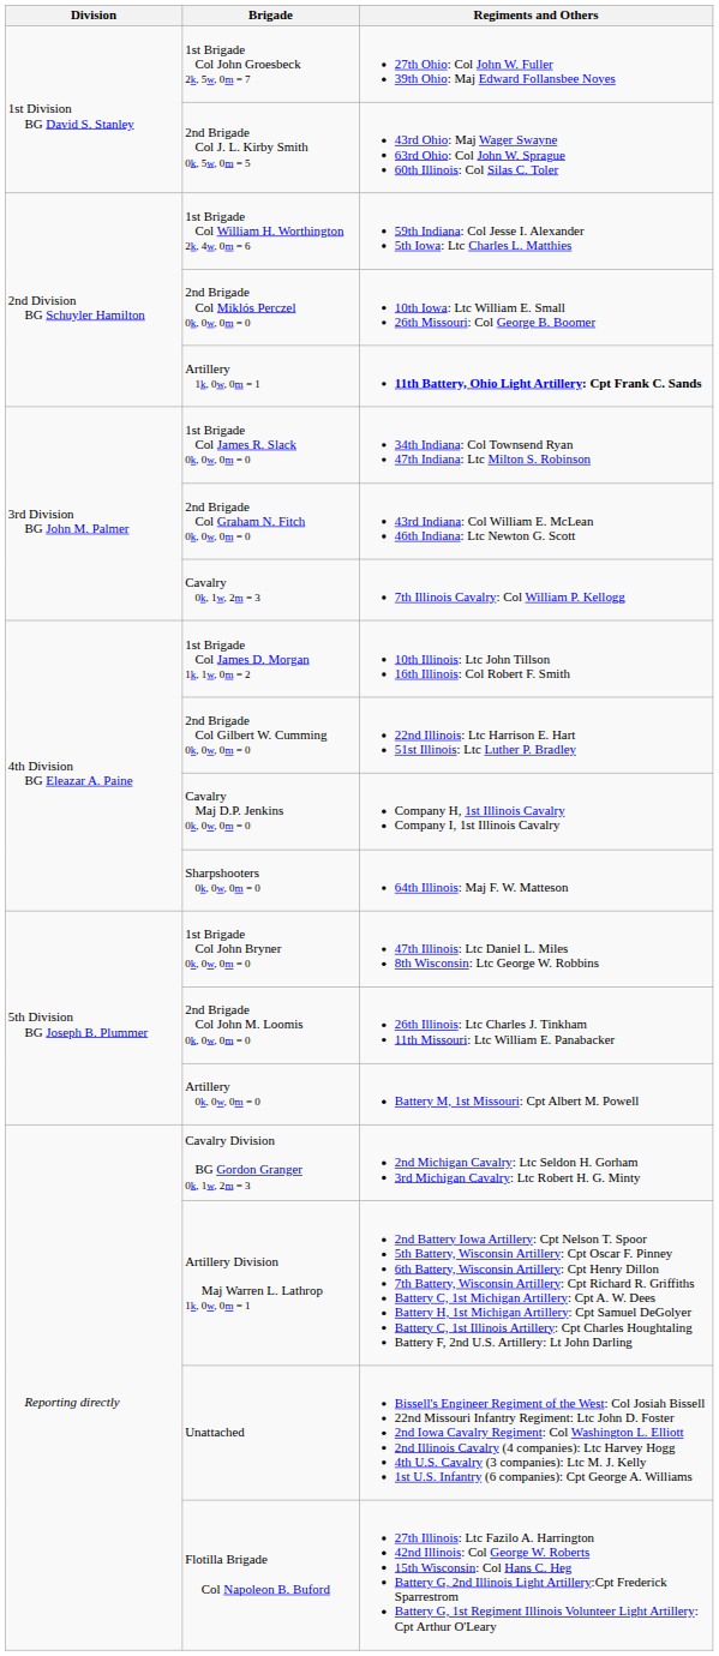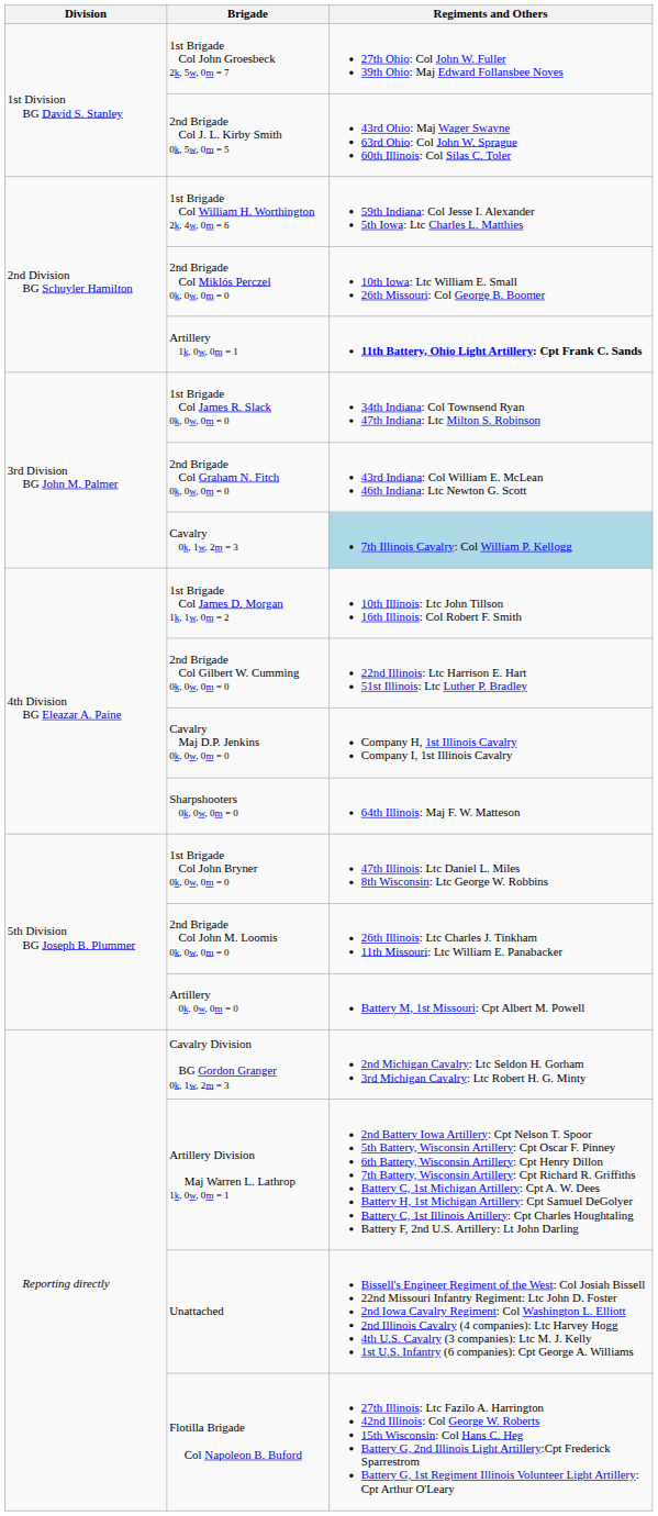 <table class="wikitable">
 <tr>
 <th width=25%>Division</th>
 <th width=25%>Brigade</th>
 <th>Regiments and Others</th>
 </tr>
 <tr>
 <td rowspan=2><br>1st Division <br>     BG <a href='#'>David S. Stanley</a></td>
 <td>1st Brigade<br>   Col John Groesbeck<br><small>2<a href='#'>k</a>, 5<a href='#'>w</a>, 0<a href='#'>m</a> = 7</small></td>
 <td><br><ul><li><a href='#'>27th Ohio</a>: Col <a href='#'>John W. Fuller</a></li><li><a href='#'>39th Ohio</a>: Maj <a href='#'>Edward Follansbee Noyes</a></li></ul></td>
 </tr>
 <tr>
 <td>2nd Brigade<br>   Col J. L. Kirby Smith<br><small>0<a href='#'>k</a>, 5<a href='#'>w</a>, 0<a href='#'>m</a> = 5</small></td>
 <td><br><ul><li><a href='#'>43rd Ohio</a>: Maj <a href='#'>Wager Swayne</a></li><li><a href='#'>63rd Ohio</a>: Col <a href='#'>John W. Sprague</a></li><li><a href='#'>60th Illinois</a>: Col <a href='#'>Silas C. Toler</a></li></ul></td>
 </tr>
 <tr>
 <td rowspan=3><br>2nd Division <br>     BG <a href='#'>Schuyler Hamilton</a></td>
 <td>1st Brigade<br>   Col <a href='#'>William H. Worthington</a><br><small>2<a href='#'>k</a>, 4<a href='#'>w</a>, 0<a href='#'>m</a> = 6</small></td>
 <td><br><ul><li><a href='#'>59th Indiana</a>: Col Jesse I. Alexander</li><li><a href='#'>5th Iowa</a>: Ltc <a href='#'>Charles L. Matthies</a></li></ul></td>
 </tr>
 <tr>
 <td>2nd Brigade<br>   Col <a href='#'>Miklós Perczel</a><br><small>0<a href='#'>k</a>, 0<a href='#'>w</a>, 0<a href='#'>m</a> = 0</small></td>
 <td><br><ul><li><a href='#'>10th Iowa</a>: Ltc William E. Small</li><li><a href='#'>26th Missouri</a>: Col <a href='#'>George B. Boomer</a></li></ul></td>
 </tr>
 <tr>
 <td>Artillery<br>   <small>1<a href='#'>k</a>, 0<a href='#'>w</a>, 0<a href='#'>m</a> = 1</small></td>
 <td><strong><br><ul><li><a href='#'>11th Battery, Ohio Light Artillery</a>: Cpt Frank C. Sands</li></ul></strong></td>
 </tr>
 <tr>
 <td rowspan=3><br>3rd Division <br>     BG <a href='#'>John M. Palmer</a></td>
 <td>1st Brigade<br>   Col <a href='#'>James R. Slack</a><br><small>0<a href='#'>k</a>, 0<a href='#'>w</a>, 0<a href='#'>m</a> = 0</small></td>
 <td><br><ul><li><a href='#'>34th Indiana</a>: Col Townsend Ryan</li><li><a href='#'>47th Indiana</a>: Ltc <a href='#'>Milton S. Robinson</a></li></ul></td>
 </tr>
 <tr>
 <td>2nd Brigade<br>   Col <a href='#'>Graham N. Fitch</a><br><small>0<a href='#'>k</a>, 0<a href='#'>w</a>, 0<a href='#'>m</a> = 0</small></td>
 <td><br><ul><li><a href='#'>43rd Indiana</a>: Col William E. McLean</li><li><a href='#'>46th Indiana</a>: Ltc Newton G. Scott</li></ul></td>
 </tr>
 <tr>
 <td>Cavalry<br>   <small>0<a href='#'>k</a>, 1<a href='#'>w</a>, 2<a href='#'>m</a> = 3</small></td>
-<td><br><ul><li><a href='#'>7th Illinois Cavalry</a>: Col <a href='#'>William P. Kellogg</a></li></ul></td>
+<td style="background: lightblue;"><br><ul><li><a href='#'>7th Illinois Cavalry</a>: Col <a href='#'>William P. Kellogg</a></li></ul></td>
 </tr>
 <tr>
 <td rowspan=4><br>4th Division <br>     BG <a href='#'>Eleazar A. Paine</a></td>
 <td>1st Brigade<br>   Col <a href='#'>James D. Morgan</a><br><small>1<a href='#'>k</a>, 1<a href='#'>w</a>, 0<a href='#'>m</a> = 2</small></td>
 <td><br><ul><li><a href='#'>10th Illinois</a>: Ltc John Tillson</li><li><a href='#'>16th Illinois</a>: Col Robert F. Smith</li></ul></td>
 </tr>
 <tr>
 <td>2nd Brigade<br>   Col Gilbert W. Cumming<br><small>0<a href='#'>k</a>, 0<a href='#'>w</a>, 0<a href='#'>m</a> = 0</small></td>
 <td><br><ul><li><a href='#'>22nd Illinois</a>: Ltc Harrison E. Hart</li><li><a href='#'>51st Illinois</a>: Ltc <a href='#'>Luther P. Bradley</a></li></ul></td>
 </tr>
 <tr>
 <td>Cavalry<br>   Maj D.P. Jenkins<br><small>0<a href='#'>k</a>, 0<a href='#'>w</a>, 0<a href='#'>m</a> = 0</small></td>
 <td><br><ul><li>Company H, <a href='#'>1st Illinois Cavalry</a></li><li>Company I, 1st Illinois Cavalry</li></ul></td>
 </tr>
 <tr>
 <td>Sharpshooters<br>   <small>0<a href='#'>k</a>, 0<a href='#'>w</a>, 0<a href='#'>m</a> = 0</small></td>
 <td><br><ul><li><a href='#'>64th Illinois</a>: Maj F. W. Matteson</li></ul></td>
 </tr>
 <tr>
 <td rowspan=3><br>5th Division <br>     BG <a href='#'>Joseph B. Plummer</a></td>
 <td>1st Brigade<br>   Col John Bryner<br><small>0<a href='#'>k</a>, 0<a href='#'>w</a>, 0<a href='#'>m</a> = 0</small></td>
 <td><br><ul><li><a href='#'>47th Illinois</a>: Ltc Daniel L. Miles</li><li><a href='#'>8th Wisconsin</a>: Ltc George W. Robbins</li></ul></td>
 </tr>
 <tr>
 <td>2nd Brigade<br>   Col John M. Loomis<br><small>0<a href='#'>k</a>, 0<a href='#'>w</a>, 0<a href='#'>m</a> = 0</small></td>
 <td><br><ul><li><a href='#'>26th Illinois</a>: Ltc Charles J. Tinkham</li><li><a href='#'>11th Missouri</a>: Ltc William E. Panabacker</li></ul></td>
 </tr>
 <tr>
 <td>Artillery<br>   <small>0<a href='#'>k</a>, 0<a href='#'>w</a>, 0<a href='#'>m</a> = 0</small></td>
 <td><br><ul><li><a href='#'>Battery M, 1st Missouri</a>: Cpt Albert M. Powell</li></ul></td>
 </tr>
 <tr>
 <td rowspan=4><br><br>     <em>Reporting directly</em></td>
 <td>Cavalry Division<br><br>   BG <a href='#'>Gordon Granger</a><br><small>0<a href='#'>k</a>, 1<a href='#'>w</a>, 2<a href='#'>m</a> = 3</small></td>
 <td><br><ul><li><a href='#'>2nd Michigan Cavalry</a>: Ltc Seldon H. Gorham</li><li><a href='#'>3rd Michigan Cavalry</a>: Ltc Robert H. G. Minty</li></ul></td>
 </tr>
 <tr>
 <td>Artillery Division<br><br>     Maj Warren L. Lathrop<br><small>1<a href='#'>k</a>, 0<a href='#'>w</a>, 0<a href='#'>m</a> = 1</small></td>
 <td><br><ul><li><a href='#'>2nd Battery Iowa Artillery</a>: Cpt Nelson T. Spoor</li><li><a href='#'>5th Battery, Wisconsin Artillery</a>: Cpt Oscar F. Pinney</li><li><a href='#'>6th Battery, Wisconsin Artillery</a>: Cpt Henry Dillon</li><li><a href='#'>7th Battery, Wisconsin Artillery</a>: Cpt Richard R. Griffiths</li><li><a href='#'>Battery C, 1st Michigan Artillery</a>: Cpt A. W. Dees</li><li><a href='#'>Battery H, 1st Michigan Artillery</a>: Cpt Samuel DeGolyer</li><li><a href='#'>Battery C, 1st Illinois Artillery</a>: Cpt Charles Houghtaling</li><li>Battery F, 2nd U.S. Artillery: Lt John Darling</li></ul></td>
 </tr>
 <tr>
 <td>Unattached</td>
 <td><br><ul><li><a href='#'>Bissell's Engineer Regiment of the West</a>: Col Josiah Bissell</li><li>22nd Missouri Infantry Regiment: Ltc John D. Foster</li><li><a href='#'>2nd Iowa Cavalry Regiment</a>: Col <a href='#'>Washington L. Elliott</a></li><li><a href='#'>2nd Illinois Cavalry</a> (4 companies): Ltc Harvey Hogg</li><li><a href='#'>4th U.S. Cavalry</a> (3 companies): Ltc M. J. Kelly</li><li><a href='#'>1st U.S. Infantry</a> (6 companies): Cpt George A. Williams</li></ul></td>
 </tr>
 <tr>
 <td>Flotilla Brigade<br><br>     Col <a href='#'>Napoleon B. Buford</a></td>
 <td><br><ul><li><a href='#'>27th Illinois</a>: Ltc Fazilo A. Harrington</li><li><a href='#'>42nd Illinois</a>: Col <a href='#'>George W. Roberts</a></li><li><a href='#'>15th Wisconsin</a>: Col <a href='#'>Hans C. Heg</a></li><li><a href='#'>Battery G, 2nd Illinois Light Artillery</a>:Cpt Frederick Sparrestrom</li><li><a href='#'>Battery G, 1st Regiment Illinois Volunteer Light Artillery</a>: Cpt Arthur O'Leary</li></ul></td>
 </tr>
 </table>
